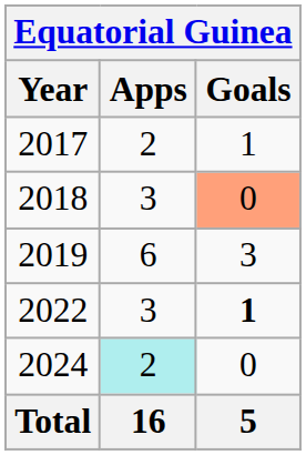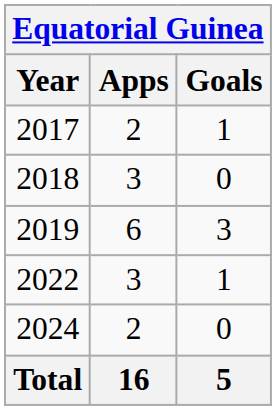 <table class="wikitable" style="text-align:center">
 <tr>
 <th colspan=3><a href='#'>Equatorial Guinea</a></th>
 </tr>
 <tr>
 <th>Year</th>
 <th>Apps</th>
 <th>Goals</th>
 </tr>
 <tr>
 <td>2017</td>
 <td>2</td>
 <td>1</td>
 </tr>
 <tr>
 <td>2018</td>
 <td>3</td>
-<td style="background: lightsalmon;">0</td>
+<td>0</td>
 </tr>
 <tr>
 <td>2019</td>
 <td>6</td>
 <td>3</td>
 </tr>
 <tr>
 <td>2022</td>
 <td>3</td>
-<td><strong>1</strong></td>
+<td>1</td>
 </tr>
 <tr>
 <td>2024</td>
-<td style="background: paleturquoise;">2</td>
+<td>2</td>
 <td>0</td>
 </tr>
 <tr>
 <th>Total</th>
 <th>16</th>
 <th>5</th>
 </tr>
 </table>
